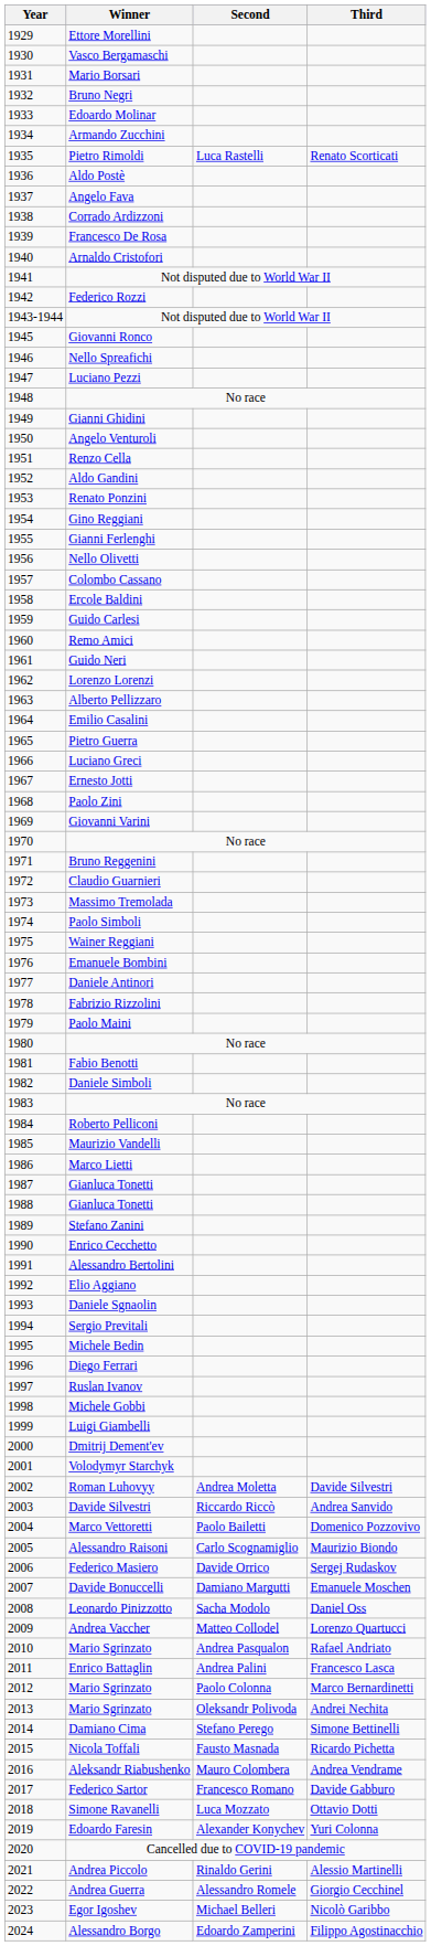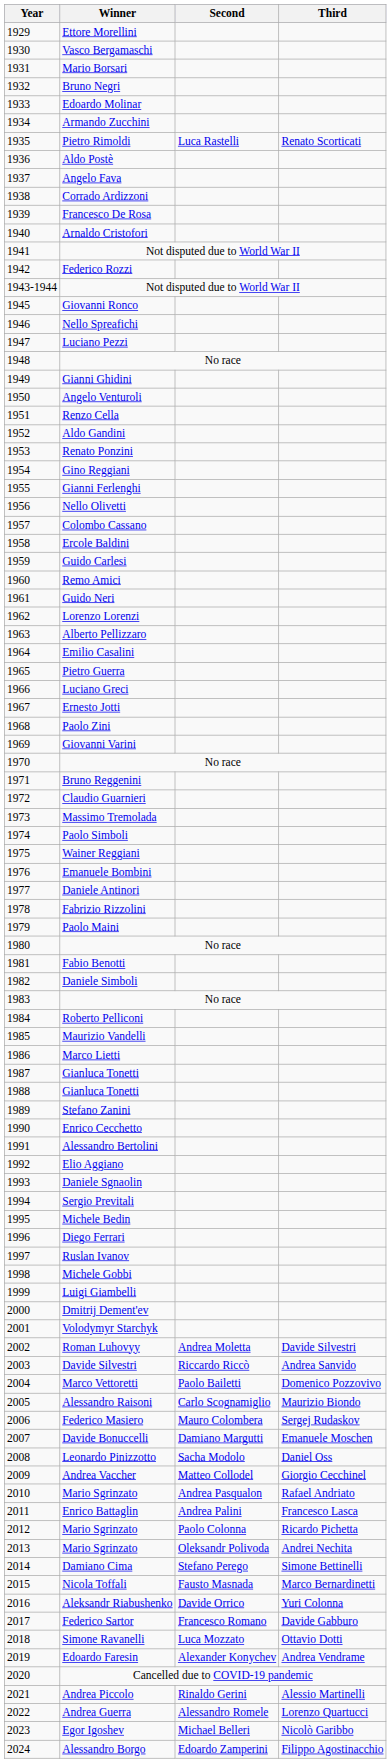 <table class="wikitable">
 <tr style="background:#ccccff;">
 <th>Year</th>
 <th>Winner</th>
 <th>Second</th>
 <th>Third</th>
 </tr>
 <tr>
 <td>1929</td>
 <td> <a href='#'>Ettore Morellini</a></td>
 <td></td>
 <td></td>
 </tr>
 <tr>
 <td>1930</td>
 <td> <a href='#'>Vasco Bergamaschi</a></td>
 <td></td>
 <td></td>
 </tr>
 <tr>
 <td>1931</td>
 <td> <a href='#'>Mario Borsari</a></td>
 <td></td>
 <td></td>
 </tr>
 <tr>
 <td>1932</td>
 <td> <a href='#'>Bruno Negri</a></td>
 <td></td>
 <td></td>
 </tr>
 <tr>
 <td>1933</td>
 <td> <a href='#'>Edoardo Molinar</a></td>
 <td></td>
 <td></td>
 </tr>
 <tr>
 <td>1934</td>
 <td> <a href='#'>Armando Zucchini</a></td>
 <td></td>
 <td></td>
 </tr>
 <tr>
 <td>1935</td>
 <td> <a href='#'>Pietro Rimoldi</a></td>
 <td> <a href='#'>Luca Rastelli</a></td>
 <td> <a href='#'>Renato Scorticati</a></td>
 </tr>
 <tr>
 <td>1936</td>
 <td> <a href='#'>Aldo Postè</a></td>
 <td></td>
 <td></td>
 </tr>
 <tr>
 <td>1937</td>
 <td> <a href='#'>Angelo Fava</a></td>
 <td></td>
 <td></td>
 </tr>
 <tr>
 <td>1938</td>
 <td> <a href='#'>Corrado Ardizzoni</a></td>
 <td></td>
 <td></td>
 </tr>
 <tr>
 <td>1939</td>
 <td> <a href='#'>Francesco De Rosa</a></td>
 <td></td>
 <td></td>
 </tr>
 <tr>
 <td>1940</td>
 <td> <a href='#'>Arnaldo Cristofori</a></td>
 <td></td>
 <td></td>
 </tr>
 <tr>
 <td>1941</td>
 <td colspan=3 style="text-align: center;">Not disputed due to <a href='#'>World War II</a></td>
 </tr>
 <tr>
 <td>1942</td>
 <td> <a href='#'>Federico Rozzi</a></td>
 <td></td>
 <td></td>
 </tr>
 <tr>
 <td>1943-1944</td>
 <td colspan=3 style="text-align: center;">Not disputed due to <a href='#'>World War II</a></td>
 </tr>
 <tr>
 <td>1945</td>
 <td> <a href='#'>Giovanni Ronco</a></td>
 <td></td>
 <td></td>
 </tr>
 <tr>
 <td>1946</td>
 <td> <a href='#'>Nello Spreafichi</a></td>
 <td></td>
 <td></td>
 </tr>
 <tr>
 <td>1947</td>
 <td> <a href='#'>Luciano Pezzi</a></td>
 <td></td>
 <td></td>
 </tr>
 <tr>
 <td>1948</td>
 <td colspan=3 style="text-align: center;">No race</td>
 </tr>
 <tr>
 <td>1949</td>
 <td> <a href='#'>Gianni Ghidini</a></td>
 <td></td>
 <td></td>
 </tr>
 <tr>
 <td>1950</td>
 <td> <a href='#'>Angelo Venturoli</a></td>
 <td></td>
 <td></td>
 </tr>
 <tr>
 <td>1951</td>
 <td> <a href='#'>Renzo Cella</a></td>
 <td></td>
 <td></td>
 </tr>
 <tr>
 <td>1952</td>
 <td> <a href='#'>Aldo Gandini</a></td>
 <td></td>
 <td></td>
 </tr>
 <tr>
 <td>1953</td>
 <td> <a href='#'>Renato Ponzini</a></td>
 <td></td>
 <td></td>
 </tr>
 <tr>
 <td>1954</td>
 <td> <a href='#'>Gino Reggiani</a></td>
 <td></td>
 <td></td>
 </tr>
 <tr>
 <td>1955</td>
 <td> <a href='#'>Gianni Ferlenghi</a></td>
 <td></td>
 <td></td>
 </tr>
 <tr>
 <td>1956</td>
 <td> <a href='#'>Nello Olivetti</a></td>
 <td></td>
 <td></td>
 </tr>
 <tr>
 <td>1957</td>
 <td> <a href='#'>Colombo Cassano</a></td>
 <td></td>
 <td></td>
 </tr>
 <tr>
 <td>1958</td>
 <td> <a href='#'>Ercole Baldini</a></td>
 <td></td>
 <td></td>
 </tr>
 <tr>
 <td>1959</td>
 <td> <a href='#'>Guido Carlesi</a></td>
 <td></td>
 <td></td>
 </tr>
 <tr>
 <td>1960</td>
 <td> <a href='#'>Remo Amici</a></td>
 <td></td>
 <td></td>
 </tr>
 <tr>
 <td>1961</td>
 <td> <a href='#'>Guido Neri</a></td>
 <td></td>
 <td></td>
 </tr>
 <tr>
 <td>1962</td>
 <td> <a href='#'>Lorenzo Lorenzi</a></td>
 <td></td>
 <td></td>
 </tr>
 <tr>
 <td>1963</td>
 <td> <a href='#'>Alberto Pellizzaro</a></td>
 <td></td>
 <td></td>
 </tr>
 <tr>
 <td>1964</td>
 <td> <a href='#'>Emilio Casalini</a></td>
 <td></td>
 <td></td>
 </tr>
 <tr>
 <td>1965</td>
 <td> <a href='#'>Pietro Guerra</a></td>
 <td></td>
 <td></td>
 </tr>
 <tr>
 <td>1966</td>
 <td> <a href='#'>Luciano Greci</a></td>
 <td></td>
 <td></td>
 </tr>
 <tr>
 <td>1967</td>
 <td> <a href='#'>Ernesto Jotti</a></td>
 <td></td>
 <td></td>
 </tr>
 <tr>
 <td>1968</td>
 <td> <a href='#'>Paolo Zini</a></td>
 <td></td>
 <td></td>
 </tr>
 <tr>
 <td>1969</td>
 <td> <a href='#'>Giovanni Varini</a></td>
 <td></td>
 <td></td>
 </tr>
 <tr>
 <td>1970</td>
 <td colspan=3 style="text-align: center;">No race</td>
 </tr>
 <tr>
 <td>1971</td>
 <td> <a href='#'>Bruno Reggenini</a></td>
 <td></td>
 <td></td>
 </tr>
 <tr>
 <td>1972</td>
 <td> <a href='#'>Claudio Guarnieri</a></td>
 <td></td>
 <td></td>
 </tr>
 <tr>
 <td>1973</td>
 <td> <a href='#'>Massimo Tremolada</a></td>
 <td></td>
 <td></td>
 </tr>
 <tr>
 <td>1974</td>
 <td> <a href='#'>Paolo Simboli</a></td>
 <td></td>
 <td></td>
 </tr>
 <tr>
 <td>1975</td>
 <td> <a href='#'>Wainer Reggiani</a></td>
 <td></td>
 <td></td>
 </tr>
 <tr>
 <td>1976</td>
 <td> <a href='#'>Emanuele Bombini</a></td>
 <td></td>
 <td></td>
 </tr>
 <tr>
 <td>1977</td>
 <td> <a href='#'>Daniele Antinori</a></td>
 <td></td>
 <td></td>
 </tr>
 <tr>
 <td>1978</td>
 <td> <a href='#'>Fabrizio Rizzolini</a></td>
 <td></td>
 <td></td>
 </tr>
 <tr>
 <td>1979</td>
 <td> <a href='#'>Paolo Maini</a></td>
 <td></td>
 <td></td>
 </tr>
 <tr>
 <td>1980</td>
 <td colspan=3 style="text-align: center;">No race</td>
 </tr>
 <tr>
 <td>1981</td>
 <td> <a href='#'>Fabio Benotti</a></td>
 <td></td>
 <td></td>
 </tr>
 <tr>
 <td>1982</td>
 <td> <a href='#'>Daniele Simboli</a></td>
 <td></td>
 <td></td>
 </tr>
 <tr>
 <td>1983</td>
 <td colspan=3 style="text-align: center;">No race</td>
 </tr>
 <tr>
 <td>1984</td>
 <td> <a href='#'>Roberto Pelliconi</a></td>
 <td></td>
 <td></td>
 </tr>
 <tr>
 <td>1985</td>
 <td> <a href='#'>Maurizio Vandelli</a></td>
 <td></td>
 <td></td>
 </tr>
 <tr>
 <td>1986</td>
 <td> <a href='#'>Marco Lietti</a></td>
 <td></td>
 <td></td>
 </tr>
 <tr>
 <td>1987</td>
 <td> <a href='#'>Gianluca Tonetti</a></td>
 <td></td>
 <td></td>
 </tr>
 <tr>
 <td>1988</td>
 <td> <a href='#'>Gianluca Tonetti</a></td>
 <td></td>
 <td></td>
 </tr>
 <tr>
 <td>1989</td>
 <td> <a href='#'>Stefano Zanini</a></td>
 <td></td>
 <td></td>
 </tr>
 <tr>
 <td>1990</td>
 <td> <a href='#'>Enrico Cecchetto</a></td>
 <td></td>
 <td></td>
 </tr>
 <tr>
 <td>1991</td>
 <td> <a href='#'>Alessandro Bertolini</a></td>
 <td></td>
 <td></td>
 </tr>
 <tr>
 <td>1992</td>
 <td> <a href='#'>Elio Aggiano</a></td>
 <td></td>
 <td></td>
 </tr>
 <tr>
 <td>1993</td>
 <td> <a href='#'>Daniele Sgnaolin</a></td>
 <td></td>
 <td></td>
 </tr>
 <tr>
 <td>1994</td>
 <td> <a href='#'>Sergio Previtali</a></td>
 <td></td>
 <td></td>
 </tr>
 <tr>
 <td>1995</td>
 <td> <a href='#'>Michele Bedin</a></td>
 <td></td>
 <td></td>
 </tr>
 <tr>
 <td>1996</td>
 <td> <a href='#'>Diego Ferrari</a></td>
 <td></td>
 <td></td>
 </tr>
 <tr>
 <td>1997</td>
 <td> <a href='#'>Ruslan Ivanov</a></td>
 <td></td>
 <td></td>
 </tr>
 <tr>
 <td>1998</td>
 <td> <a href='#'>Michele Gobbi</a></td>
 <td></td>
 <td></td>
 </tr>
 <tr>
 <td>1999</td>
 <td> <a href='#'>Luigi Giambelli</a></td>
 <td></td>
 <td></td>
 </tr>
 <tr>
 <td>2000</td>
 <td> <a href='#'>Dmitrij Dement'ev</a></td>
 <td></td>
 <td></td>
 </tr>
 <tr>
 <td>2001</td>
 <td> <a href='#'>Volodymyr Starchyk</a></td>
 <td></td>
 <td></td>
 </tr>
 <tr>
 <td>2002</td>
 <td> <a href='#'>Roman Luhovyy</a></td>
 <td> <a href='#'>Andrea Moletta</a></td>
 <td> <a href='#'>Davide Silvestri</a></td>
 </tr>
 <tr>
 <td>2003</td>
 <td> <a href='#'>Davide Silvestri</a></td>
 <td> <a href='#'>Riccardo Riccò</a></td>
 <td> <a href='#'>Andrea Sanvido</a></td>
 </tr>
 <tr>
 <td>2004</td>
 <td> <a href='#'>Marco Vettoretti</a></td>
 <td> <a href='#'>Paolo Bailetti</a></td>
 <td> <a href='#'>Domenico Pozzovivo</a></td>
 </tr>
 <tr>
 <td>2005</td>
 <td> <a href='#'>Alessandro Raisoni</a></td>
 <td> <a href='#'>Carlo Scognamiglio</a></td>
 <td> <a href='#'>Maurizio Biondo</a></td>
 </tr>
 <tr>
 <td>2006</td>
 <td> <a href='#'>Federico Masiero</a></td>
-<td> <a href='#'>Davide Orrico</a></td>
+<td> <a href='#'>Mauro Colombera</a></td>
 <td> <a href='#'>Sergej Rudaskov</a></td>
 </tr>
 <tr>
 <td>2007</td>
 <td> <a href='#'>Davide Bonuccelli</a></td>
 <td> <a href='#'>Damiano Margutti</a></td>
 <td> <a href='#'>Emanuele Moschen</a></td>
 </tr>
 <tr>
 <td>2008</td>
 <td> <a href='#'>Leonardo Pinizzotto</a></td>
 <td> <a href='#'>Sacha Modolo</a></td>
 <td> <a href='#'>Daniel Oss</a></td>
 </tr>
 <tr>
 <td>2009</td>
 <td> <a href='#'>Andrea Vaccher</a></td>
 <td> <a href='#'>Matteo Collodel</a></td>
-<td> <a href='#'>Lorenzo Quartucci</a></td>
+<td> <a href='#'>Giorgio Cecchinel</a></td>
 </tr>
 <tr>
 <td>2010</td>
 <td> <a href='#'>Mario Sgrinzato</a></td>
 <td> <a href='#'>Andrea Pasqualon</a></td>
 <td> <a href='#'>Rafael Andriato</a></td>
 </tr>
 <tr>
 <td>2011</td>
 <td> <a href='#'>Enrico Battaglin</a></td>
 <td> <a href='#'>Andrea Palini</a></td>
 <td> <a href='#'>Francesco Lasca</a></td>
 </tr>
 <tr>
 <td>2012</td>
 <td> <a href='#'>Mario Sgrinzato</a></td>
 <td> <a href='#'>Paolo Colonna</a></td>
-<td> <a href='#'>Marco Bernardinetti</a></td>
+<td> <a href='#'>Ricardo Pichetta</a></td>
 </tr>
 <tr>
 <td>2013</td>
 <td> <a href='#'>Mario Sgrinzato</a></td>
 <td> <a href='#'>Oleksandr Polivoda</a></td>
 <td> <a href='#'>Andrei Nechita</a></td>
 </tr>
 <tr>
 <td>2014</td>
 <td> <a href='#'>Damiano Cima</a></td>
 <td> <a href='#'>Stefano Perego</a></td>
 <td> <a href='#'>Simone Bettinelli</a></td>
 </tr>
 <tr>
 <td>2015</td>
 <td> <a href='#'>Nicola Toffali</a></td>
 <td> <a href='#'>Fausto Masnada</a></td>
-<td> <a href='#'>Ricardo Pichetta</a></td>
+<td> <a href='#'>Marco Bernardinetti</a></td>
 </tr>
 <tr>
 <td>2016</td>
 <td> <a href='#'>Aleksandr Riabushenko</a></td>
-<td> <a href='#'>Mauro Colombera</a></td>
-<td> <a href='#'>Andrea Vendrame</a></td>
+<td> <a href='#'>Davide Orrico</a></td>
+<td> <a href='#'>Yuri Colonna</a></td>
 </tr>
 <tr>
 <td>2017</td>
 <td> <a href='#'>Federico Sartor</a></td>
 <td> <a href='#'>Francesco Romano</a></td>
 <td> <a href='#'>Davide Gabburo</a></td>
 </tr>
 <tr>
 <td>2018</td>
 <td> <a href='#'>Simone Ravanelli</a></td>
 <td> <a href='#'>Luca Mozzato</a></td>
 <td> <a href='#'>Ottavio Dotti</a></td>
 </tr>
 <tr>
 <td>2019</td>
 <td> <a href='#'>Edoardo Faresin</a></td>
 <td> <a href='#'>Alexander Konychev</a></td>
-<td> <a href='#'>Yuri Colonna</a></td>
+<td> <a href='#'>Andrea Vendrame</a></td>
 </tr>
 <tr>
 <td>2020</td>
 <td colspan=3 style="text-align: center;">Cancelled due to <a href='#'>COVID-19 pandemic</a></td>
 </tr>
 <tr>
 <td>2021</td>
 <td> <a href='#'>Andrea Piccolo</a></td>
 <td> <a href='#'>Rinaldo Gerini</a></td>
 <td> <a href='#'>Alessio Martinelli</a></td>
 </tr>
 <tr>
 <td>2022</td>
 <td> <a href='#'>Andrea Guerra</a></td>
 <td> <a href='#'>Alessandro Romele</a></td>
-<td> <a href='#'>Giorgio Cecchinel</a></td>
+<td> <a href='#'>Lorenzo Quartucci</a></td>
 </tr>
 <tr>
 <td>2023</td>
 <td> <a href='#'>Egor Igoshev</a></td>
 <td> <a href='#'>Michael Belleri</a></td>
 <td> <a href='#'>Nicolò Garibbo</a></td>
 </tr>
 <tr>
 <td>2024</td>
 <td> <a href='#'>Alessandro Borgo</a></td>
 <td> <a href='#'>Edoardo Zamperini</a></td>
 <td> <a href='#'>Filippo Agostinacchio</a></td>
 </tr>
 </table>
